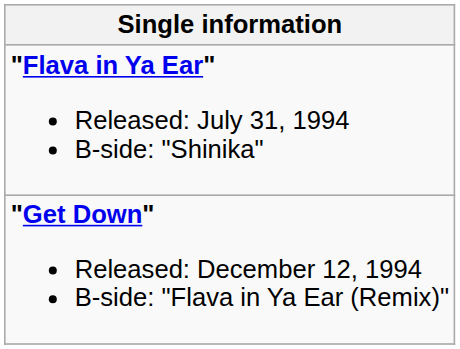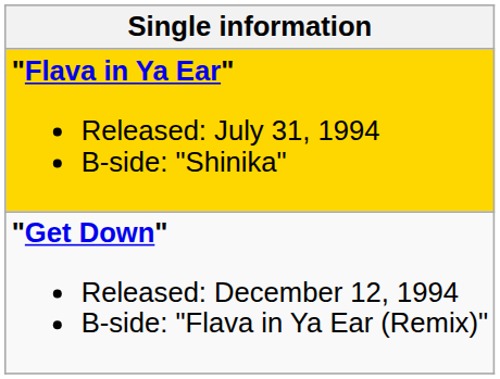 <table class="wikitable">
 <tr>
 <th>Single information</th>
 </tr>
 <tr>
-<td><strong>"<a href='#'>Flava in Ya Ear</a>"</strong><br><ul><li>Released: July 31, 1994</li><li>B-side: "Shinika"</li></ul></td>
+<td style="background: gold;"><strong>"<a href='#'>Flava in Ya Ear</a>"</strong><br><ul><li>Released: July 31, 1994</li><li>B-side: "Shinika"</li></ul></td>
 </tr>
 <tr>
 <td><strong>"<a href='#'>Get Down</a>"</strong><br><ul><li>Released: December 12, 1994</li><li>B-side: "Flava in Ya Ear (Remix)"</li></ul></td>
 </tr>
 </table>
